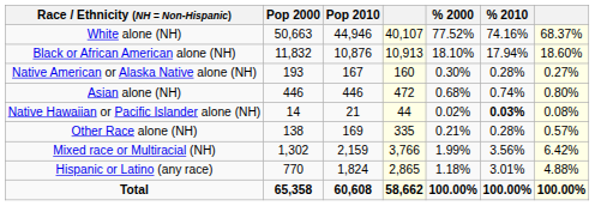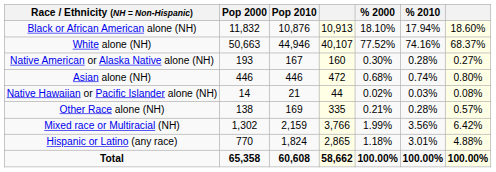 <table class="wikitable" style="text-align:center;">
 <tr>
 <th>Race / Ethnicity <small>(<em>NH = Non-Hispanic</em>)</small></th>
 <th>Pop 2000</th>
 <th>Pop 2010</th>
 <th></th>
 <th>% 2000</th>
 <th>% 2010</th>
 <th></th>
 </tr>
 <tr>
+<td><a href='#'>Black or African American</a> alone (NH)</td>
+<td>11,832</td>
+<td>10,876</td>
+<td style='background: #ffffe6;'>10,913</td>
+<td>18.10%</td>
+<td>17.94%</td>
+<td style='background: #ffffe6;'>18.60%</td>
+</tr>
+<tr>
 <td><a href='#'>White</a> alone (NH)</td>
 <td>50,663</td>
 <td>44,946</td>
 <td style='background: #ffffe6;'>40,107</td>
 <td>77.52%</td>
 <td>74.16%</td>
 <td style='background: #ffffe6;'>68.37%</td>
-</tr>
-<tr>
-<td><a href='#'>Black or African American</a> alone (NH)</td>
-<td>11,832</td>
-<td>10,876</td>
-<td style='background: #ffffe6;'>10,913</td>
-<td>18.10%</td>
-<td>17.94%</td>
-<td style='background: #ffffe6;'>18.60%</td>
 </tr>
 <tr>
 <td><a href='#'>Native American</a> or <a href='#'>Alaska Native</a> alone (NH)</td>
 <td>193</td>
 <td>167</td>
 <td style='background: #ffffe6;'>160</td>
 <td>0.30%</td>
 <td>0.28%</td>
 <td style='background: #ffffe6;'>0.27%</td>
 </tr>
 <tr>
 <td><a href='#'>Asian</a> alone (NH)</td>
 <td>446</td>
 <td>446</td>
 <td style='background: #ffffe6;'>472</td>
 <td>0.68%</td>
 <td>0.74%</td>
 <td style='background: #ffffe6;'>0.80%</td>
 </tr>
 <tr>
 <td><a href='#'>Native Hawaiian</a> or <a href='#'>Pacific Islander</a> alone (NH)</td>
 <td>14</td>
 <td>21</td>
 <td style='background: #ffffe6;'>44</td>
 <td>0.02%</td>
-<td><strong>0.03%</strong></td>
+<td>0.03%</td>
 <td style='background: #ffffe6;'>0.08%</td>
 </tr>
 <tr>
 <td><a href='#'>Other Race</a> alone (NH)</td>
 <td>138</td>
 <td>169</td>
 <td style='background: #ffffe6;'>335</td>
 <td>0.21%</td>
 <td>0.28%</td>
 <td style='background: #ffffe6;'>0.57%</td>
 </tr>
 <tr>
 <td><a href='#'>Mixed race or Multiracial</a> (NH)</td>
 <td>1,302</td>
 <td>2,159</td>
 <td style='background: #ffffe6;'>3,766</td>
 <td>1.99%</td>
 <td>3.56%</td>
 <td style='background: #ffffe6;'>6.42%</td>
 </tr>
 <tr>
 <td><a href='#'>Hispanic or Latino</a> (any race)</td>
 <td>770</td>
 <td>1,824</td>
 <td style='background: #ffffe6;'>2,865</td>
 <td>1.18%</td>
 <td>3.01%</td>
 <td style='background: #ffffe6;'>4.88%</td>
 </tr>
 <tr>
 <td><strong>Total</strong></td>
 <td><strong>65,358</strong></td>
 <td><strong>60,608</strong></td>
 <td style='background: #ffffe6;'><strong>58,662</strong></td>
 <td><strong>100.00%</strong></td>
 <td><strong>100.00%</strong></td>
 <td style='background: #ffffe6;'><strong>100.00%</strong></td>
 </tr>
 </table>
